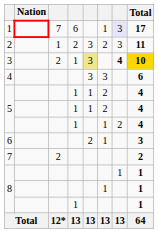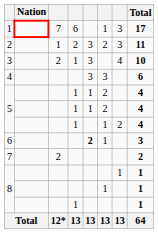 <table class="wikitable" style="text-align:center">
 <tr>
 <th></th>
 <th>Nation</th>
 <th></th>
 <th></th>
 <th></th>
 <th></th>
 <th></th>
 <th>Total</th>
 </tr>
 <tr>
 <td>1</td>
 <td align=left style="border: 3px solid red"><strong></strong></td>
 <td>7</td>
 <td>6</td>
 <td></td>
 <td>1</td>
-<td style="background: lavender;">3</td>
+<td>3</td>
 <td><strong>17</strong></td>
 </tr>
 <tr>
 <td>2</td>
 <td align=left></td>
 <td>1</td>
 <td>2</td>
 <td>3</td>
 <td>2</td>
 <td>3</td>
 <td><strong>11</strong></td>
 </tr>
 <tr>
 <td>3</td>
 <td align=left></td>
 <td>2</td>
 <td>1</td>
-<td style="background: khaki;">3</td>
+<td>3</td>
 <td></td>
-<td><strong>4</strong></td>
-<td style="background: gold;"><strong>10</strong></td>
+<td>4</td>
+<td><strong>10</strong></td>
 </tr>
 <tr>
 <td>4</td>
 <td align=left></td>
 <td></td>
 <td></td>
 <td>3</td>
 <td>3</td>
 <td></td>
 <td><strong>6</strong></td>
 </tr>
 <tr>
 <td rowspan=3>5</td>
 <td align=left></td>
 <td></td>
 <td>1</td>
 <td>1</td>
 <td>2</td>
 <td></td>
 <td><strong>4</strong></td>
 </tr>
 <tr>
 <td align=left></td>
 <td></td>
 <td>1</td>
 <td>1</td>
 <td>2</td>
 <td></td>
 <td><strong>4</strong></td>
 </tr>
 <tr>
 <td align=left></td>
 <td></td>
 <td>1</td>
 <td></td>
 <td>1</td>
 <td>2</td>
 <td><strong>4</strong></td>
 </tr>
 <tr>
 <td>6</td>
 <td align=left></td>
 <td></td>
 <td></td>
-<td>2</td>
+<td><strong>2</strong></td>
 <td>1</td>
 <td></td>
 <td><strong>3</strong></td>
 </tr>
 <tr>
 <td>7</td>
 <td align=left></td>
 <td>2</td>
 <td></td>
 <td></td>
 <td></td>
 <td></td>
 <td><strong>2</strong></td>
 </tr>
 <tr>
 <td rowspan=3>8</td>
 <td align=left></td>
 <td></td>
 <td></td>
 <td></td>
 <td></td>
 <td>1</td>
 <td><strong>1</strong></td>
 </tr>
 <tr>
 <td align=left></td>
 <td></td>
 <td></td>
 <td></td>
 <td>1</td>
 <td></td>
 <td><strong>1</strong></td>
 </tr>
 <tr>
 <td align=left></td>
 <td></td>
 <td>1</td>
 <td></td>
 <td></td>
 <td></td>
 <td><strong>1</strong></td>
 </tr>
 <tr>
 <th colspan="2">Total</th>
 <th>12*</th>
 <th>13</th>
 <th>13</th>
 <th>13</th>
 <th>13</th>
 <th>64</th>
 </tr>
 </table>
